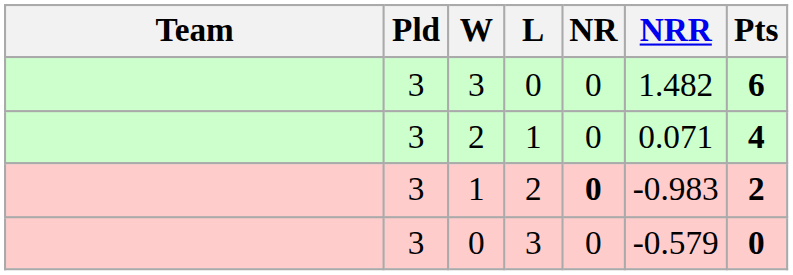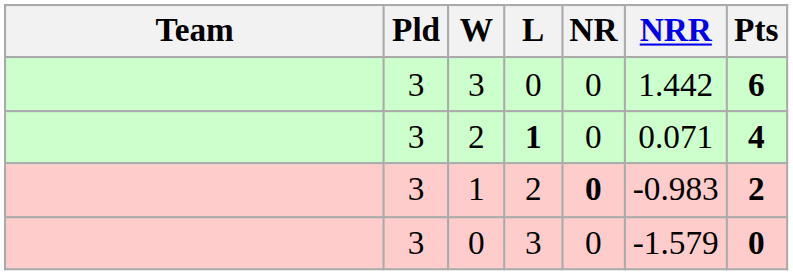 <table class="wikitable" style="text-align:center">
 <tr>
 <th width=175>Team</th>
 <th width=20 abbr="Played">Pld</th>
 <th width=20 abbr="Won">W</th>
 <th width=20 abbr="Lost">L</th>
 <th width=20 abbr="No result">NR</th>
 <th width=20 abbr="Net run rate"><a href='#'>NRR</a></th>
 <th width=20 abbr="Points">Pts</th>
 </tr>
 <tr bgcolor="#ccffcc">
 <td align="left"></td>
 <td>3</td>
 <td>3</td>
 <td>0</td>
 <td>0</td>
-<td>1.482</td>
+<td>1.442</td>
 <td><strong>6</strong></td>
 </tr>
 <tr bgcolor="#ccffcc">
 <td align="left"></td>
 <td>3</td>
 <td>2</td>
-<td>1</td>
+<td><strong>1</strong></td>
 <td>0</td>
 <td>0.071</td>
 <td><strong>4</strong></td>
 </tr>
 <tr bgcolor="#ffcccc">
 <td align="left"></td>
 <td>3</td>
 <td>1</td>
 <td>2</td>
 <td><strong>0</strong></td>
 <td>-0.983</td>
 <td><strong>2</strong></td>
 </tr>
 <tr bgcolor="#ffcccc">
 <td align="left"></td>
 <td>3</td>
 <td>0</td>
 <td>3</td>
 <td>0</td>
-<td>-0.579</td>
+<td>-1.579</td>
 <td><strong>0</strong></td>
 </tr>
 </table>
